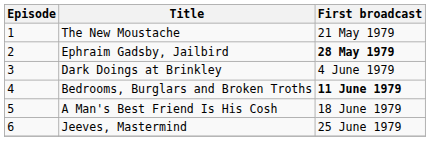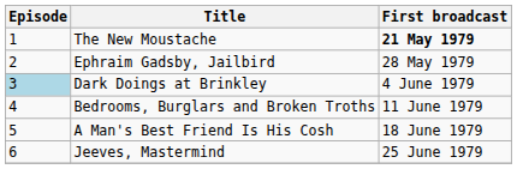 <table class="wikitable">
 <tr>
 <th>Episode</th>
 <th>Title</th>
 <th>First broadcast</th>
 </tr>
 <tr>
 <td>1</td>
 <td>The New Moustache</td>
-<td>21 May 1979</td>
+<td><strong>21 May 1979</strong></td>
 </tr>
 <tr>
 <td>2</td>
 <td>Ephraim Gadsby, Jailbird</td>
-<td><strong>28 May 1979</strong></td>
+<td>28 May 1979</td>
 </tr>
 <tr>
-<td>3</td>
+<td style="background: lightblue;">3</td>
 <td>Dark Doings at Brinkley</td>
 <td>4 June 1979</td>
 </tr>
 <tr>
 <td>4</td>
 <td>Bedrooms, Burglars and Broken Troths</td>
-<td><strong>11 June 1979</strong></td>
+<td>11 June 1979</td>
 </tr>
 <tr>
 <td>5</td>
 <td>A Man's Best Friend Is His Cosh</td>
 <td>18 June 1979</td>
 </tr>
 <tr>
 <td>6</td>
 <td>Jeeves, Mastermind</td>
 <td>25 June 1979</td>
 </tr>
 <tr>
 </tr>
 </table>
